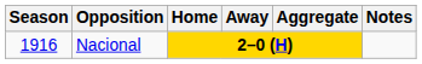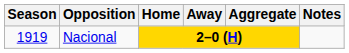 <table class="wikitable sortable">
 <tr>
 <th>Season</th>
 <th>Opposition</th>
 <th>Home</th>
 <th>Away</th>
 <th>Aggregate</th>
 <th>Notes</th>
 </tr>
 <tr>
-<td align=center><a href='#'>1916</a></td>
+<td align=center><a href='#'>1919</a></td>
 <td> <a href='#'>Nacional</a></td>
 <td bgcolor=gold colspan="3" style="text-align:center;"><strong>2–0 (<a href='#'>H</a>)</strong></td>
 <td></td>
 </tr>
 </table>
